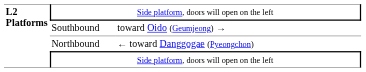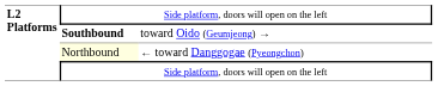 <table table border=0 cellspacing=0 cellpadding=3>
 <tr>
 <td style="border-top:solid 1px gray;border-bottom:solid 1px gray;" width=50 rowspan=10 valign=top><strong>L2<br>Platforms</strong></td>
 <td style="border-top:solid 1px gray;border-right:solid 2px black;border-left:solid 2px black;border-bottom:solid 2px black;text-align:center;" colspan=2><small><a href='#'>Side platform</a>, doors will open on the left</small></td>
 </tr>
 <tr>
-<td>Southbound</td>
+<td><strong>Southbound</strong></td>
 <td>  toward <a href='#'>Oido</a> <small>(<a href='#'>Geumjeong</a>)</small> →</td>
 </tr>
 <tr>
-<td style="border-bottom:solid 0px gray;border-top:solid 1px gray;" width=100>Northbound</td>
+<td style="background: lightyellow; border-bottom:solid 0px gray;border-top:solid 1px gray;" width=100>Northbound</td>
 <td style="border-bottom:solid 0px gray;border-top:solid 1px gray;" width=390>←  toward <a href='#'>Danggogae</a> <small>(<a href='#'>Pyeongchon</a>)</small></td>
 </tr>
 <tr>
 <td style="border-top:solid 2px black;border-right:solid 2px black;border-left:solid 2px black;border-bottom:solid 1px gray;text-align:center;" colspan=2><small><a href='#'>Side platform</a>, doors will open on the left</small></td>
 </tr>
 </table>
